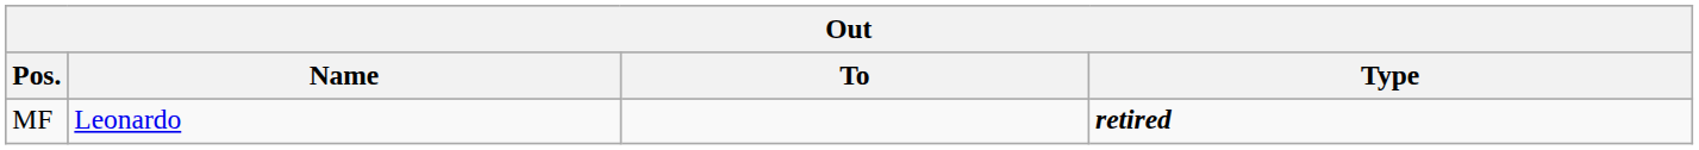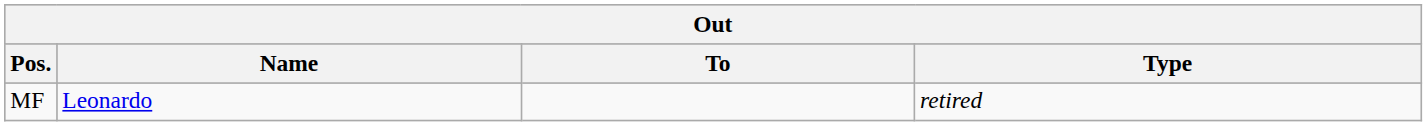 <table class="wikitable" style="font-size:90%;">
 <tr>
 <th colspan="4">Out</th>
 </tr>
 <tr>
 <th width=3%>Pos.</th>
 <th width=33%>Name</th>
 <th width=28%>To</th>
 <th width=36%>Type</th>
 </tr>
 <tr>
 <td>MF</td>
 <td><a href='#'>Leonardo</a></td>
 <td></td>
-<td><strong><em>retired</em></strong></td>
+<td><em>retired</em></td>
 </tr>
 </table>
